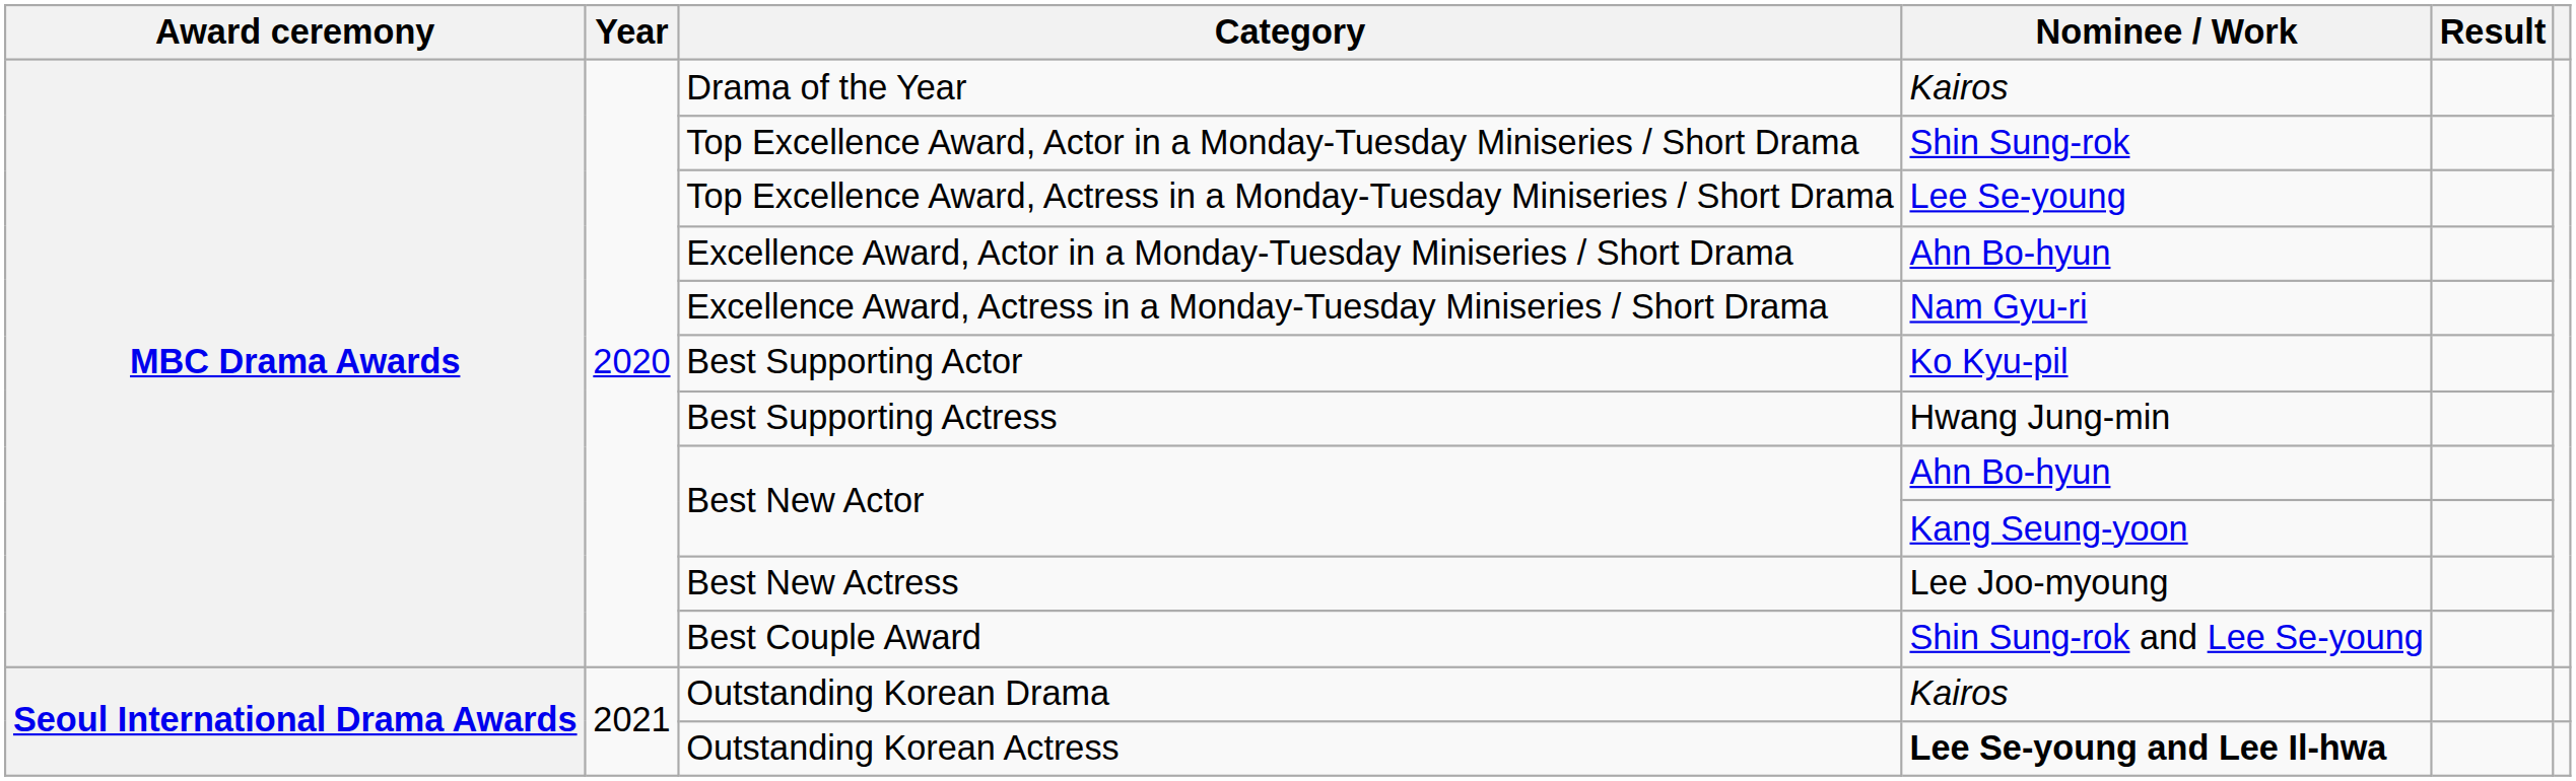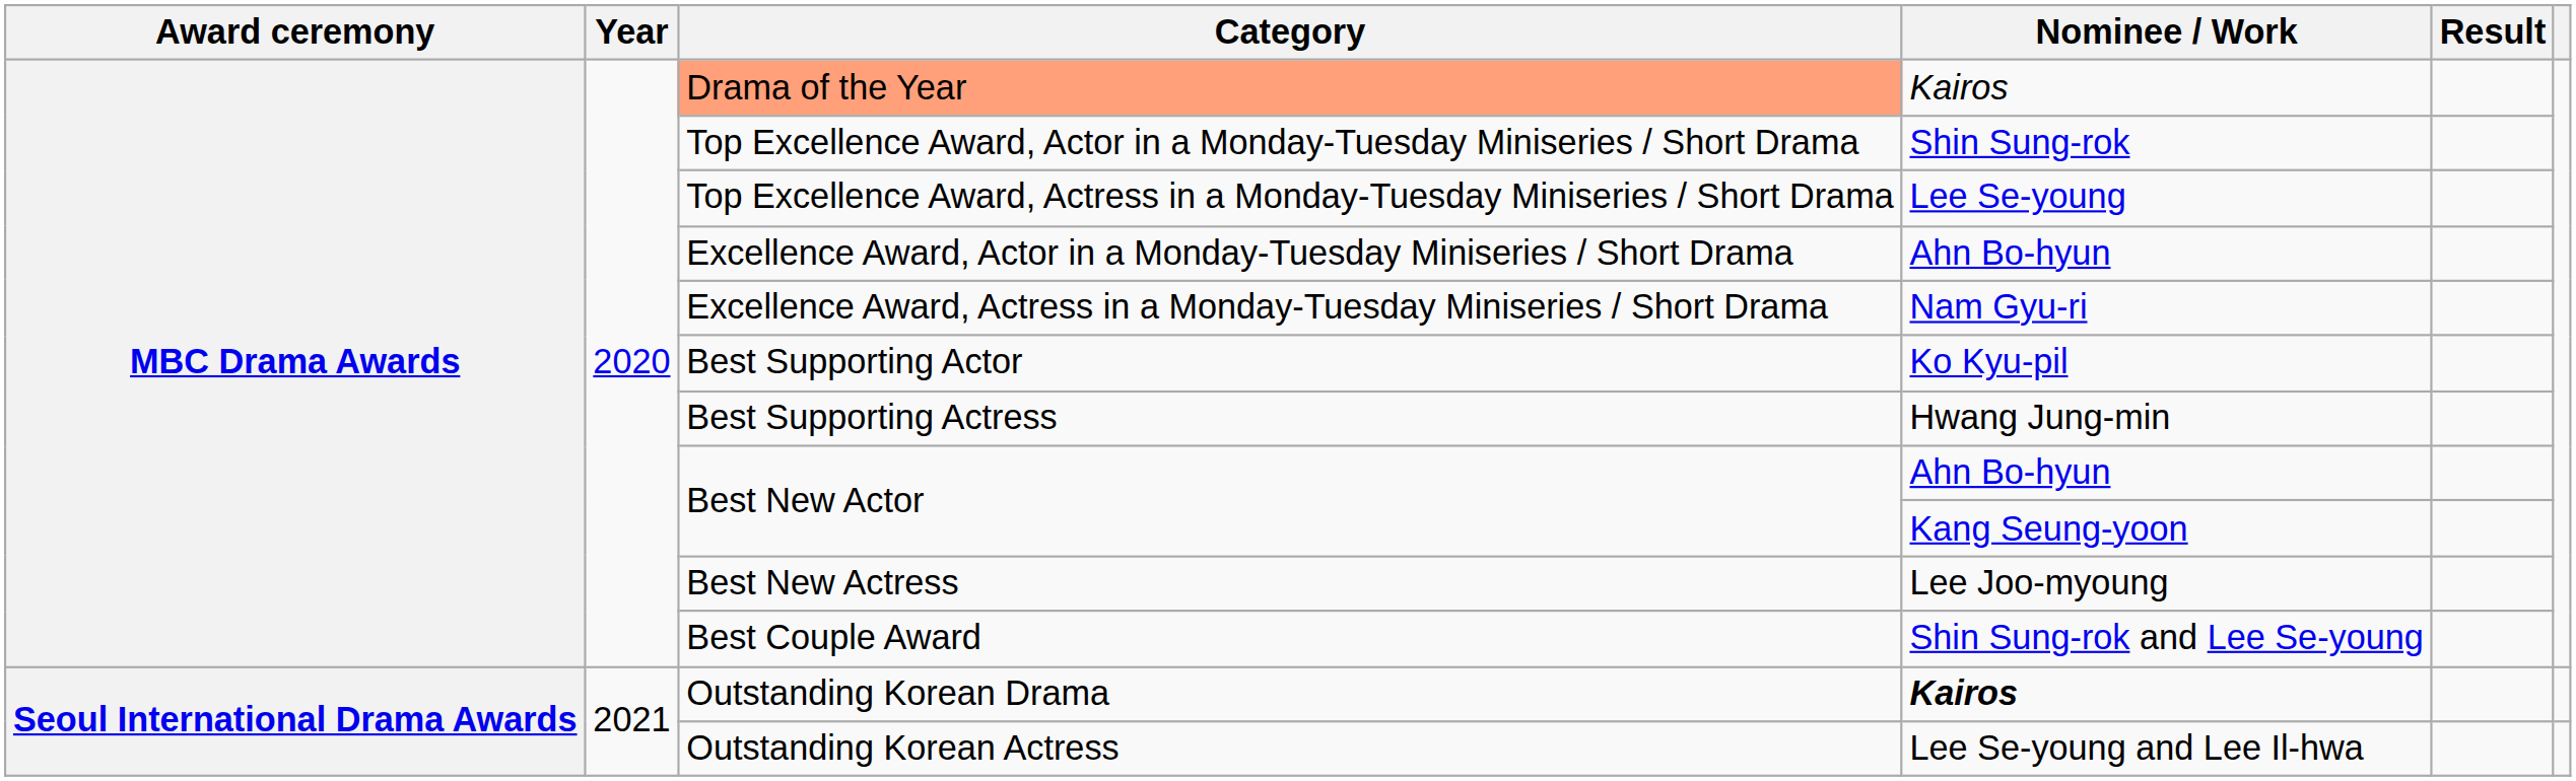 <table class="wikitable plainrowheaders sortable">
 <tr>
 <th scope="col">Award ceremony</th>
 <th scope="col">Year</th>
 <th scope="col">Category</th>
 <th scope="col">Nominee / Work</th>
 <th scope="col">Result</th>
 <th scope="col" class="unsortable"></th>
 </tr>
 <tr>
 <th scope="row" rowspan="11"><a href='#'>MBC Drama Awards</a></th>
 <td rowspan="11" style="text-align:center"><a href='#'>2020</a></td>
-<td>Drama of the Year</td>
+<td style="background: lightsalmon;">Drama of the Year</td>
 <td><em>Kairos</em></td>
 <td></td>
 <td rowspan="11" style="text-align:center"></td>
 </tr>
 <tr>
 <td>Top Excellence Award, Actor in a Monday-Tuesday Miniseries / Short Drama</td>
 <td><a href='#'>Shin Sung-rok</a></td>
 <td></td>
 </tr>
 <tr>
 <td>Top Excellence Award, Actress in a Monday-Tuesday Miniseries / Short Drama</td>
 <td><a href='#'>Lee Se-young</a></td>
 <td></td>
 </tr>
 <tr>
 <td>Excellence Award, Actor in a Monday-Tuesday Miniseries / Short Drama</td>
 <td><a href='#'>Ahn Bo-hyun</a></td>
 <td></td>
 </tr>
 <tr>
 <td>Excellence Award, Actress in a Monday-Tuesday Miniseries / Short Drama</td>
 <td><a href='#'>Nam Gyu-ri</a></td>
 <td></td>
 </tr>
 <tr>
 <td>Best Supporting Actor</td>
 <td><a href='#'>Ko Kyu-pil</a></td>
 <td></td>
 </tr>
 <tr>
 <td>Best Supporting Actress</td>
 <td>Hwang Jung-min</td>
 <td></td>
 </tr>
 <tr>
 <td rowspan="2">Best New Actor</td>
 <td><a href='#'>Ahn Bo-hyun</a></td>
 <td></td>
 </tr>
 <tr>
 <td><a href='#'>Kang Seung-yoon</a></td>
 <td></td>
 </tr>
 <tr>
 <td>Best New Actress</td>
 <td>Lee Joo-myoung</td>
 <td></td>
 </tr>
 <tr>
 <td>Best Couple Award</td>
 <td><a href='#'>Shin Sung-rok</a> and <a href='#'>Lee Se-young</a></td>
 <td></td>
 </tr>
 <tr>
 <th scope="row" rowspan="2"><a href='#'>Seoul International Drama Awards</a></th>
 <td rowspan="2" style="text-align:center">2021</td>
 <td>Outstanding Korean Drama</td>
-<td><em>Kairos</em></td>
+<td><strong><em>Kairos</em></strong></td>
 <td></td>
 <td style="text-align:center"><br></td>
 </tr>
 <tr>
 <td>Outstanding Korean Actress</td>
-<td><strong>Lee Se-young and Lee Il-hwa</strong></td>
+<td>Lee Se-young and Lee Il-hwa</td>
 <td></td>
 <td style="text-align:center"></td>
 </tr>
 </table>
